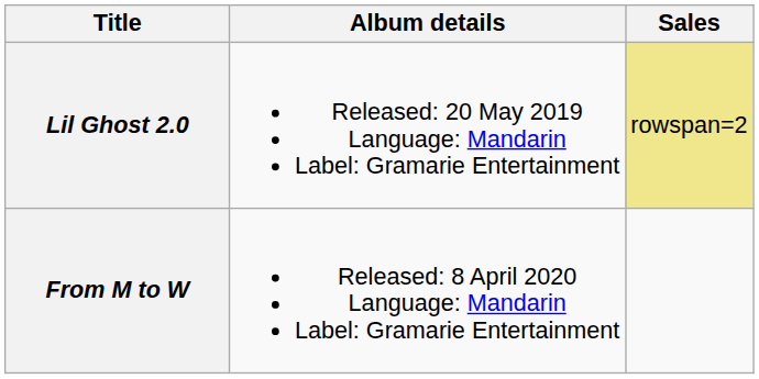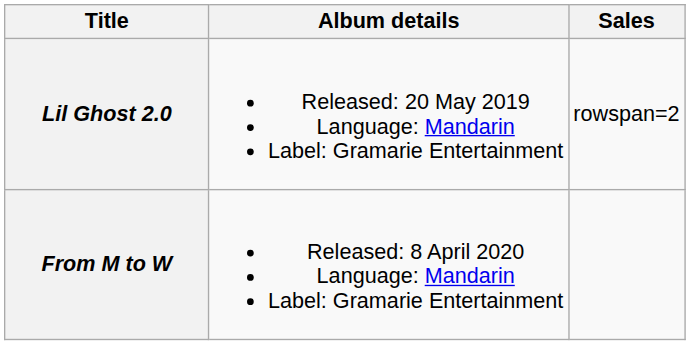 <table class="wikitable plainrowheaders" style="text-align:center;">
 <tr>
 <th scope="col" style="width:9em;">Title</th>
 <th scope="col">Album details</th>
 <th>Sales</th>
 </tr>
 <tr>
 <th scope="row"><em>Lil Ghost 2.0</em></th>
 <td><br><ul><li>Released: 20 May 2019</li><li>Language: <a href='#'>Mandarin</a></li><li>Label: Gramarie Entertainment</li></ul></td>
-<td style="background: khaki;">rowspan=2 </td>
+<td>rowspan=2 </td>
 </tr>
 <tr>
 <th scope="row"><em>From M to W</em></th>
 <td><br><ul><li>Released: 8 April 2020</li><li>Language: <a href='#'>Mandarin</a></li><li>Label: Gramarie Entertainment</li></ul></td>
 </tr>
 </table>
